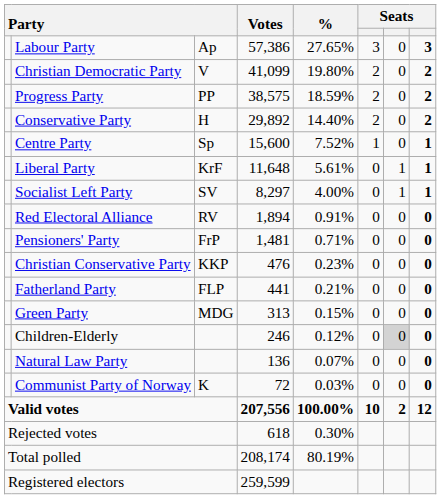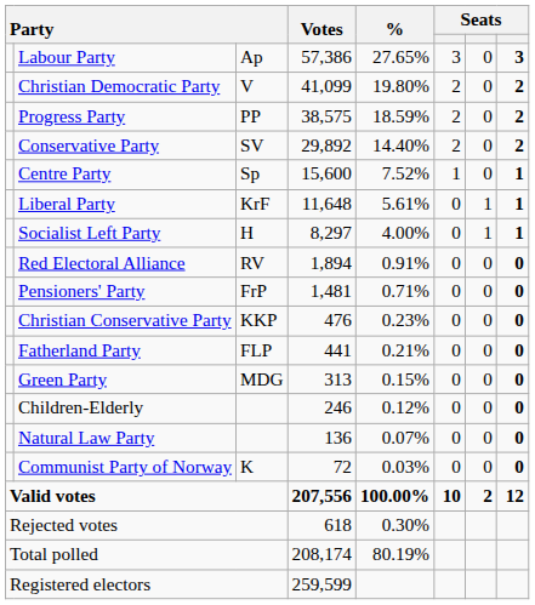 <table class="wikitable" border="1" style="text-align:right;">
 <tr>
 <th style="text-align:left;" valign=bottom rowspan=2 colspan=3>Party</th>
 <th align=center valign=bottom rowspan=2 width="50">Votes</th>
 <th align=center valign=bottom rowspan=2 width="50">%</th>
 <th colspan=3>Seats</th>
 </tr>
 <tr>
 <th align=center valign=bottom width="20"><small></small></th>
 <th align=center valign=bottom width="20"><small><a href='#'></a></small></th>
 <th align=center valign=bottom width="20"><small></small></th>
 </tr>
 <tr>
 <td style="color:inherit;background:"></td>
 <td align=left><a href='#'>Labour Party</a></td>
 <td align=left>Ap</td>
 <td>57,386</td>
 <td>27.65%</td>
 <td>3</td>
 <td>0</td>
 <td><strong>3</strong></td>
 </tr>
 <tr>
 <td style="color:inherit;background:"></td>
 <td align=left><a href='#'>Christian Democratic Party</a></td>
 <td align=left>V</td>
 <td>41,099</td>
 <td>19.80%</td>
 <td>2</td>
 <td>0</td>
 <td><strong>2</strong></td>
 </tr>
 <tr>
 <td style="color:inherit;background:"></td>
 <td align=left><a href='#'>Progress Party</a></td>
 <td align=left>PP</td>
 <td>38,575</td>
 <td>18.59%</td>
 <td>2</td>
 <td>0</td>
 <td><strong>2</strong></td>
 </tr>
 <tr>
 <td style="color:inherit;background:"></td>
 <td align=left><a href='#'>Conservative Party</a></td>
-<td align=left>H</td>
+<td align=left>SV</td>
 <td>29,892</td>
 <td>14.40%</td>
 <td>2</td>
 <td>0</td>
 <td><strong>2</strong></td>
 </tr>
 <tr>
 <td style="color:inherit;background:"></td>
 <td align=left><a href='#'>Centre Party</a></td>
 <td align=left>Sp</td>
 <td>15,600</td>
 <td>7.52%</td>
 <td>1</td>
 <td>0</td>
 <td><strong>1</strong></td>
 </tr>
 <tr>
 <td style="color:inherit;background:"></td>
 <td align=left><a href='#'>Liberal Party</a></td>
 <td align=left>KrF</td>
 <td>11,648</td>
 <td>5.61%</td>
 <td>0</td>
 <td>1</td>
 <td><strong>1</strong></td>
 </tr>
 <tr>
 <td style="color:inherit;background:"></td>
 <td align=left><a href='#'>Socialist Left Party</a></td>
-<td align=left>SV</td>
+<td align=left>H</td>
 <td>8,297</td>
 <td>4.00%</td>
 <td>0</td>
 <td>1</td>
 <td><strong>1</strong></td>
 </tr>
 <tr>
 <td style="color:inherit;background:"></td>
 <td align=left><a href='#'>Red Electoral Alliance</a></td>
 <td align=left>RV</td>
 <td>1,894</td>
 <td>0.91%</td>
 <td>0</td>
 <td>0</td>
 <td><strong>0</strong></td>
 </tr>
 <tr>
 <td style="color:inherit;background:"></td>
 <td align=left><a href='#'>Pensioners' Party</a></td>
 <td align=left>FrP</td>
 <td>1,481</td>
 <td>0.71%</td>
 <td>0</td>
 <td>0</td>
 <td><strong>0</strong></td>
 </tr>
 <tr>
 <td style="color:inherit;background:"></td>
 <td align=left><a href='#'>Christian Conservative Party</a></td>
 <td align=left>KKP</td>
 <td>476</td>
 <td>0.23%</td>
 <td>0</td>
 <td>0</td>
 <td><strong>0</strong></td>
 </tr>
 <tr>
 <td style="color:inherit;background:"></td>
 <td align=left><a href='#'>Fatherland Party</a></td>
 <td align=left>FLP</td>
 <td>441</td>
 <td>0.21%</td>
 <td>0</td>
 <td>0</td>
 <td><strong>0</strong></td>
 </tr>
 <tr>
 <td style="color:inherit;background:"></td>
 <td align=left><a href='#'>Green Party</a></td>
 <td align=left>MDG</td>
 <td>313</td>
 <td>0.15%</td>
 <td>0</td>
 <td>0</td>
 <td><strong>0</strong></td>
 </tr>
 <tr>
 <td></td>
 <td align=left>Children-Elderly</td>
 <td align=left></td>
 <td>246</td>
 <td>0.12%</td>
 <td>0</td>
-<td style="background: lightgrey;">0</td>
+<td>0</td>
 <td><strong>0</strong></td>
 </tr>
 <tr>
 <td></td>
 <td align=left><a href='#'>Natural Law Party</a></td>
 <td align=left></td>
 <td>136</td>
 <td>0.07%</td>
 <td>0</td>
 <td>0</td>
 <td><strong>0</strong></td>
 </tr>
 <tr>
 <td style="color:inherit;background:"></td>
 <td align=left><a href='#'>Communist Party of Norway</a></td>
 <td align=left>K</td>
 <td>72</td>
 <td>0.03%</td>
 <td>0</td>
 <td>0</td>
 <td><strong>0</strong></td>
 </tr>
 <tr style="font-weight:bold">
 <td align=left colspan=3>Valid votes</td>
 <td>207,556</td>
 <td>100.00%</td>
 <td>10</td>
 <td>2</td>
 <td>12</td>
 </tr>
 <tr>
 <td align=left colspan=3>Rejected votes</td>
 <td>618</td>
 <td>0.30%</td>
 <td></td>
 <td></td>
 <td></td>
 </tr>
 <tr>
 <td align=left colspan=3>Total polled</td>
 <td>208,174</td>
 <td>80.19%</td>
 <td></td>
 <td></td>
 <td></td>
 </tr>
 <tr>
 <td align=left colspan=3>Registered electors</td>
 <td>259,599</td>
 <td></td>
 <td></td>
 <td></td>
 <td></td>
 </tr>
 </table>
